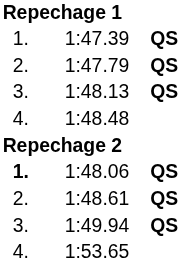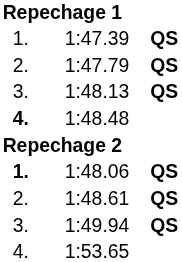 <table style="text-align:center">
 <tr>
 <td colspan=4 align=left><strong>Repechage 1</strong></td>
 </tr>
 <tr>
 <td width=30>1.</td>
 <td align=left></td>
 <td width=80>1:47.39</td>
 <td><strong>QS</strong></td>
 </tr>
 <tr>
 <td>2.</td>
 <td align=left></td>
 <td>1:47.79</td>
 <td><strong>QS</strong></td>
 </tr>
 <tr>
 <td>3.</td>
 <td align=left></td>
 <td>1:48.13</td>
 <td><strong>QS</strong></td>
 </tr>
 <tr>
-<td>4.</td>
+<td><strong>4.</strong></td>
 <td align=left></td>
 <td>1:48.48</td>
 <td></td>
 </tr>
 <tr>
 <td colspan=4 align=left><strong>Repechage 2</strong></td>
 </tr>
 <tr>
 <td><strong>1.</strong></td>
 <td align=left></td>
 <td>1:48.06</td>
 <td><strong>QS</strong></td>
 </tr>
 <tr>
 <td>2.</td>
 <td align=left></td>
 <td>1:48.61</td>
 <td><strong>QS</strong></td>
 </tr>
 <tr>
 <td>3.</td>
 <td align=left></td>
 <td>1:49.94</td>
 <td><strong>QS</strong></td>
 </tr>
 <tr>
 <td>4.</td>
 <td align=left></td>
 <td>1:53.65</td>
 <td></td>
 </tr>
 </table>
